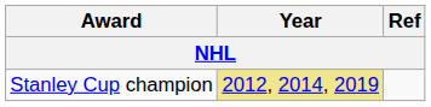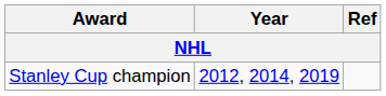 <table class="wikitable">
 <tr>
 <th>Award</th>
 <th>Year</th>
 <th>Ref</th>
 </tr>
 <tr>
 <th colspan="3"><a href='#'>NHL</a></th>
 </tr>
 <tr>
 <td><a href='#'>Stanley Cup</a> champion</td>
-<td style="background: khaki;"><a href='#'>2012</a>, <a href='#'>2014</a>, <a href='#'>2019</a></td>
+<td><a href='#'>2012</a>, <a href='#'>2014</a>, <a href='#'>2019</a></td>
 <td></td>
 </tr>
 </table>
